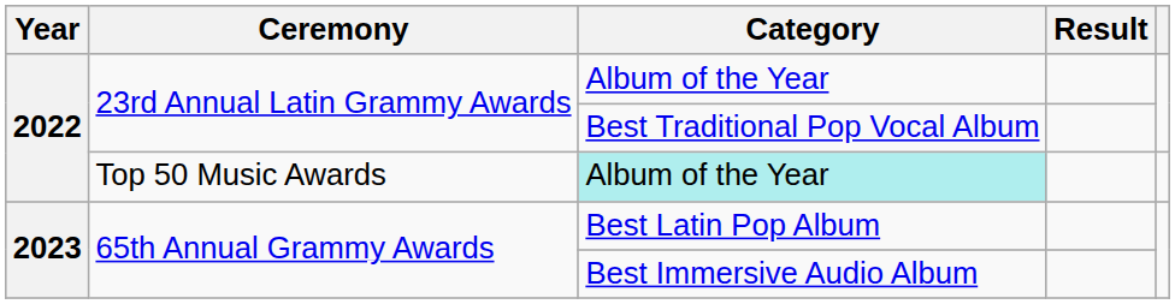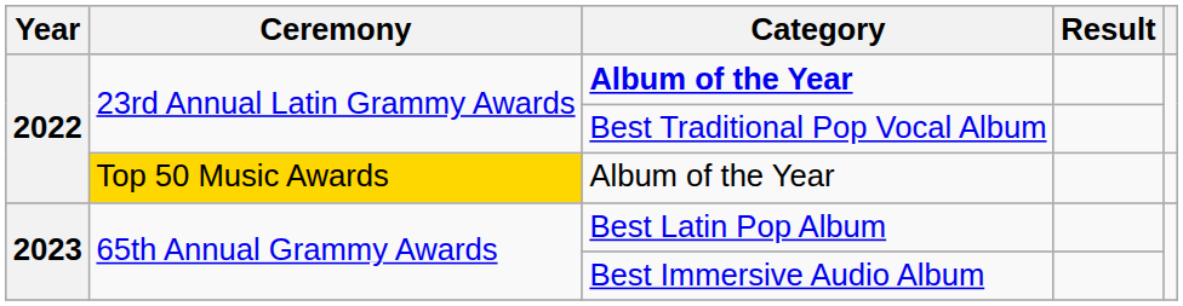 <table class="wikitable plainrowheaders">
 <tr>
 <th scope="col">Year</th>
 <th scope="col">Ceremony</th>
 <th scope="col">Category</th>
 <th scope="col">Result</th>
 <th scope="col" class="unsortable"></th>
 </tr>
 <tr>
 <th scope="row" rowspan="3" align="center">2022</th>
 <td rowspan="2"><a href='#'>23rd Annual Latin Grammy Awards</a></td>
-<td><a href='#'>Album of the Year</a></td>
+<td><strong><a href='#'>Album of the Year</a></strong></td>
 <td></td>
 <td rowspan="2" align="center"></td>
 </tr>
 <tr>
 <td><a href='#'>Best Traditional Pop Vocal Album</a></td>
 <td></td>
 </tr>
 <tr>
-<td>Top 50 Music Awards</td>
-<td style="background: paleturquoise;">Album of the Year</td>
+<td style="background: gold;">Top 50 Music Awards</td>
+<td>Album of the Year</td>
 <td></td>
 <td align="center"></td>
 </tr>
 <tr>
 <th scope="row" rowspan="2" align="center">2023</th>
 <td rowspan="2"><a href='#'>65th Annual Grammy Awards</a></td>
 <td><a href='#'>Best Latin Pop Album</a></td>
 <td></td>
 <td rowspan="2" align="center"></td>
 </tr>
 <tr>
 <td><a href='#'>Best Immersive Audio Album</a></td>
 <td></td>
 </tr>
 </table>
